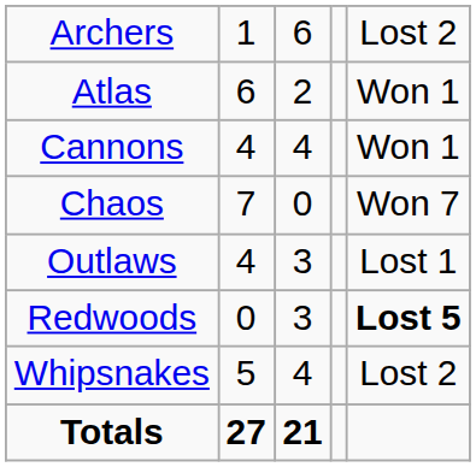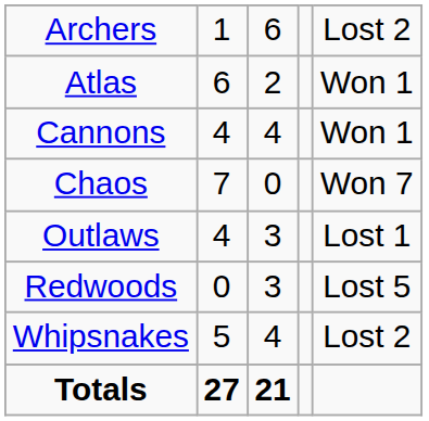 <table class="wikitable" style="text-align:center;">
 <tr style="text-align:center;">
 <td><a href='#'>Archers</a></td>
 <td>1</td>
 <td>6</td>
 <td></td>
 <td>Lost 2</td>
 </tr>
 <tr style="text-align:center;">
 <td><a href='#'>Atlas</a></td>
 <td>6</td>
 <td>2</td>
 <td></td>
 <td>Won 1</td>
 </tr>
 <tr style="text-align:center;">
 <td><a href='#'>Cannons</a></td>
 <td>4</td>
 <td>4</td>
 <td></td>
 <td>Won 1</td>
 </tr>
 <tr style="text-align:center;">
 <td><a href='#'>Chaos</a></td>
 <td>7</td>
 <td>0</td>
 <td></td>
 <td>Won 7</td>
 </tr>
 <tr style="text-align:center;">
 <td><a href='#'>Outlaws</a></td>
 <td>4</td>
 <td>3</td>
 <td></td>
 <td>Lost 1</td>
 </tr>
 <tr style="text-align:center;">
 <td><a href='#'>Redwoods</a></td>
 <td>0</td>
 <td>3</td>
 <td></td>
-<td><strong>Lost 5</strong></td>
+<td>Lost 5</td>
 </tr>
 <tr style="text-align:center;">
 <td><a href='#'>Whipsnakes</a></td>
 <td>5</td>
 <td>4</td>
 <td></td>
 <td>Lost 2</td>
 </tr>
 <tr class="unsortable" style="text-align:center; background:#; color:black">
 <td><strong>Totals</strong></td>
 <td><strong>27</strong></td>
 <td><strong>21</strong></td>
 <td><strong></strong></td>
 <td></td>
 </tr>
 </table>
